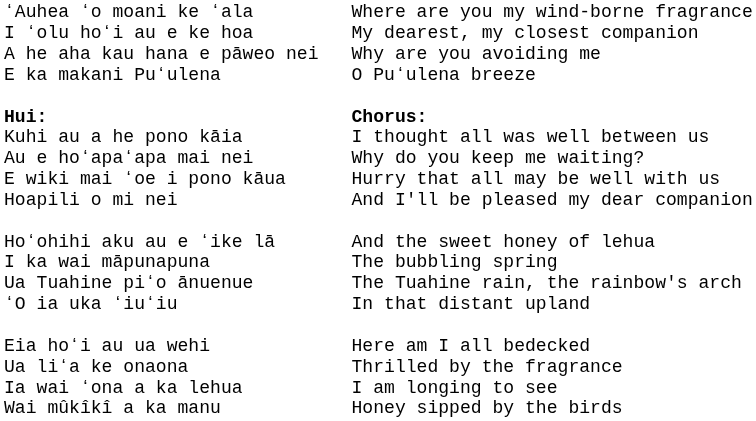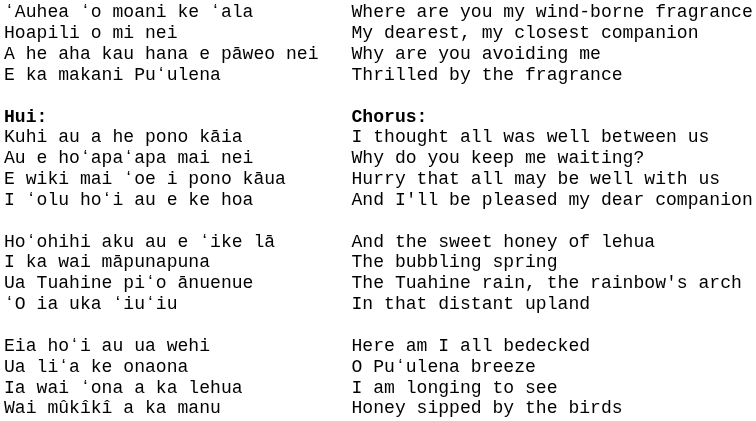 <table cellpadding=0 cellspacing=0>
 <tr>
 <td>ʻAuhea ʻo moani ke ʻala</td>
 <td>Where are you my wind-borne fragrance</td>
 </tr>
 <tr>
-<td>I ʻolu hoʻi au e ke hoa</td>
+<td>Hoapili o mi nei</td>
 <td>My dearest, my closest companion</td>
 </tr>
 <tr>
 <td>A he aha kau hana e pāweo nei</td>
 <td>Why are you avoiding me</td>
 </tr>
 <tr>
 <td>E ka makani Puʻulena</td>
-<td>O Puʻulena breeze</td>
+<td>Thrilled by the fragrance</td>
 </tr>
 <tr>
 <td style="width:250px;"> </td>
 <td style="width:300px;"> </td>
 </tr>
 <tr>
 <td><strong>Hui:</strong></td>
 <td><strong>Chorus:</strong></td>
 </tr>
 <tr>
 <td>Kuhi au a he pono kāia</td>
 <td>I thought all was well between us</td>
 </tr>
 <tr>
 <td>Au e hoʻapaʻapa mai nei</td>
 <td>Why do you keep me waiting?</td>
 </tr>
 <tr>
 <td>E wiki mai ʻoe i pono kāua</td>
 <td>Hurry that all may be well with us</td>
 </tr>
 <tr>
-<td>Hoapili o mi nei</td>
+<td>I ʻolu hoʻi au e ke hoa</td>
 <td>And I'll be pleased my dear companion</td>
 </tr>
 <tr>
 <td style="width:250px;"> </td>
 <td style="width:300px;"> </td>
 </tr>
 <tr>
 <td>Hoʻohihi aku au e ʻike lā</td>
 <td>And the sweet honey of lehua</td>
 </tr>
 <tr>
 <td>I ka wai māpunapuna</td>
 <td>The bubbling spring</td>
 </tr>
 <tr>
 <td>Ua Tuahine piʻo ānuenue</td>
 <td>The Tuahine rain, the rainbow's arch</td>
 </tr>
 <tr>
 <td>ʻO ia uka ʻiuʻiu</td>
 <td>In that distant upland</td>
 </tr>
 <tr>
 <td style="width:250px;"> </td>
 <td style="width:300px;"> </td>
 </tr>
 <tr>
 <td>Eia hoʻi au ua wehi</td>
 <td>Here am I all bedecked</td>
 </tr>
 <tr>
 <td>Ua liʻa ke onaona</td>
-<td>Thrilled by the fragrance</td>
+<td>O Puʻulena breeze</td>
 </tr>
 <tr>
 <td>Ia wai ʻona a ka lehua</td>
 <td>I am longing to see</td>
 </tr>
 <tr>
 <td>Wai mûkîkî a ka manu</td>
 <td>Honey sipped by the birds</td>
 </tr>
 </table>
